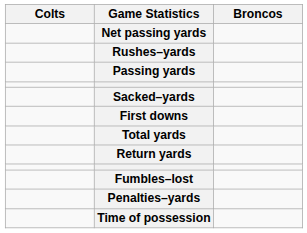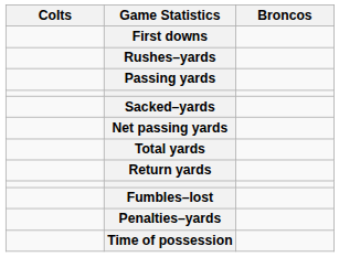 <table class="wikitable" style="margin: 1em auto 1em auto">
 <tr>
 <th style="width:30%;">Colts</th>
 <th style="width:40%;">Game Statistics</th>
 <th style="width:30%;">Broncos</th>
 </tr>
 <tr>
 <td style="text-align:right;"></td>
-<th>Net passing yards</th>
+<th>First downs</th>
 <td></td>
 </tr>
 <tr>
 <td style="text-align:right;"></td>
 <th>Rushes–yards</th>
 <td></td>
 </tr>
 <tr>
 <td style="text-align:right;"></td>
 <th>Passing yards</th>
 <td></td>
 </tr>
 <tr>
 <td style="text-align:right;"></td>
 <th></th>
 <td></td>
 </tr>
 <tr>
 <td style="text-align:right;"></td>
 <th>Sacked–yards</th>
 <td></td>
 </tr>
 <tr>
 <td style="text-align:right;"></td>
-<th>First downs</th>
+<th>Net passing yards</th>
 <td></td>
 </tr>
 <tr>
 <td style="text-align:right;"></td>
 <th>Total yards</th>
 <td></td>
 </tr>
 <tr>
 <td style="text-align:right;"></td>
 <th>Return yards</th>
 <td></td>
 </tr>
 <tr>
 <td style="text-align:right;"></td>
 <th></th>
 <td></td>
 </tr>
 <tr>
 <td style="text-align:right;"></td>
 <th>Fumbles–lost</th>
 <td></td>
 </tr>
 <tr>
 <td style="text-align:right;"></td>
 <th>Penalties–yards</th>
 <td></td>
 </tr>
 <tr>
 <td style="text-align:right;"></td>
 <th>Time of possession</th>
 <td></td>
 </tr>
 </table>
